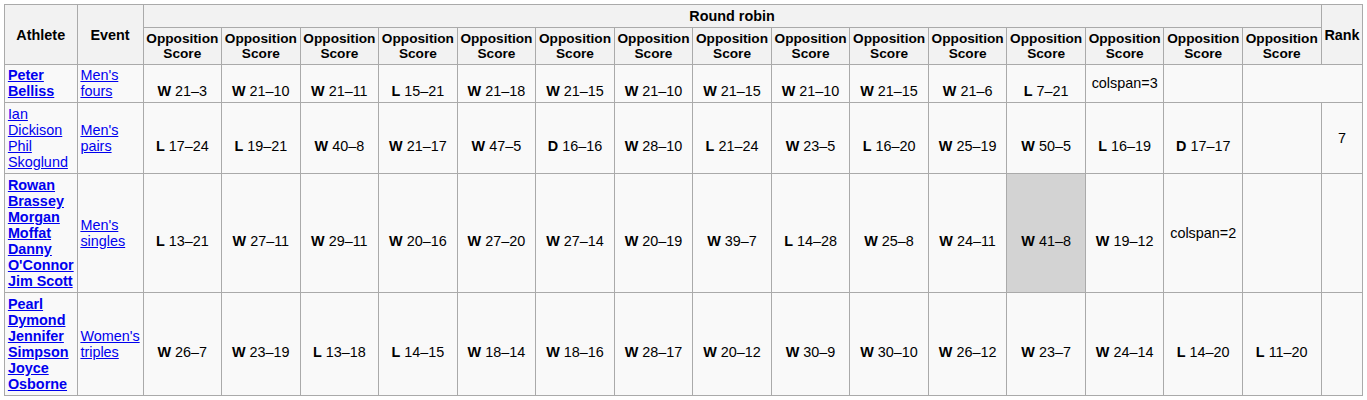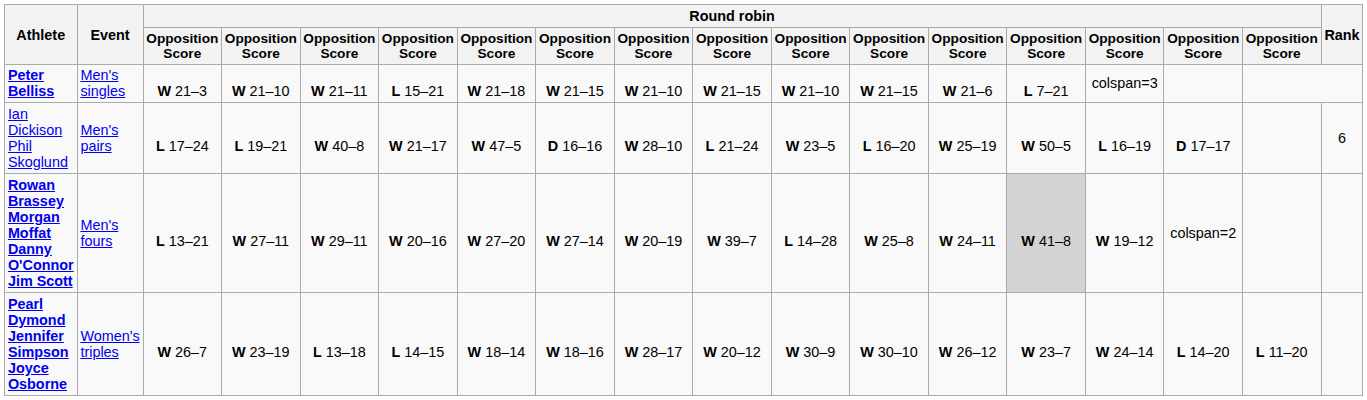 <table class=wikitable style="font-size:90%;text-align:center">
 <tr>
 <th rowspan="2">Athlete</th>
 <th rowspan="2">Event</th>
 <th colspan=15>Round robin</th>
 <th rowspan=2>Rank</th>
 </tr>
 <tr style="font-size:95%">
 <th>Opposition<br>Score</th>
 <th>Opposition<br>Score</th>
 <th>Opposition<br>Score</th>
 <th>Opposition<br>Score</th>
 <th>Opposition<br>Score</th>
 <th>Opposition<br>Score</th>
 <th>Opposition<br>Score</th>
 <th>Opposition<br>Score</th>
 <th>Opposition<br>Score</th>
 <th>Opposition<br>Score</th>
 <th>Opposition<br>Score</th>
 <th>Opposition<br>Score</th>
 <th>Opposition<br>Score</th>
 <th>Opposition<br>Score</th>
 <th>Opposition<br>Score</th>
 </tr>
 <tr>
 <td style="text-align:left;"><strong><a href='#'>Peter Belliss</a></strong></td>
-<td style="text-align:left;"><a href='#'>Men's fours</a></td>
+<td style="text-align:left;"><a href='#'>Men's singles</a></td>
 <td><br><strong>W</strong> 21–3</td>
 <td><br><strong>W</strong> 21–10</td>
 <td><br><strong>W</strong> 21–11</td>
 <td><br><strong>L</strong> 15–21</td>
 <td><br><strong>W</strong> 21–18</td>
 <td><br><strong>W</strong> 21–15</td>
 <td><br><strong>W</strong> 21–10</td>
 <td><br><strong>W</strong> 21–15</td>
 <td><br><strong>W</strong> 21–10</td>
 <td><br><strong>W</strong> 21–15</td>
 <td><br><strong>W</strong> 21–6</td>
 <td><br><strong>L</strong> 7–21</td>
 <td>colspan=3 </td>
 <td></td>
 </tr>
 <tr>
 <td style="text-align:left;"><a href='#'>Ian Dickison</a><br><a href='#'>Phil Skoglund</a></td>
 <td style="text-align:left;"><a href='#'>Men's pairs</a></td>
 <td><br><strong>L</strong> 17–24</td>
 <td><br><strong>L</strong> 19–21</td>
 <td><br><strong>W</strong> 40–8</td>
 <td><br><strong>W</strong> 21–17</td>
 <td><br><strong>W</strong> 47–5</td>
 <td><br><strong>D</strong> 16–16</td>
 <td><br><strong>W</strong> 28–10</td>
 <td><br><strong>L</strong> 21–24</td>
 <td><br><strong>W</strong> 23–5</td>
 <td><br><strong>L</strong> 16–20</td>
 <td><br><strong>W</strong> 25–19</td>
 <td><br><strong>W</strong> 50–5</td>
 <td><br><strong>L</strong> 16–19</td>
 <td><br><strong>D</strong> 17–17</td>
 <td></td>
-<td>7</td>
+<td>6</td>
 </tr>
 <tr>
 <td style="text-align:left;"><strong><a href='#'>Rowan Brassey</a><br><a href='#'>Morgan Moffat</a><br><a href='#'>Danny O'Connor</a><br><a href='#'>Jim Scott</a></strong></td>
-<td style="text-align:left;"><a href='#'>Men's singles</a></td>
+<td style="text-align:left;"><a href='#'>Men's fours</a></td>
 <td><br><strong>L</strong> 13–21</td>
 <td><br><strong>W</strong> 27–11</td>
 <td><br><strong>W</strong> 29–11</td>
 <td><br><strong>W</strong> 20–16</td>
 <td><br><strong>W</strong> 27–20</td>
 <td><br><strong>W</strong> 27–14</td>
 <td><br><strong>W</strong> 20–19</td>
 <td><br><strong>W</strong> 39–7</td>
 <td><br><strong>L</strong> 14–28</td>
 <td><br><strong>W</strong> 25–8</td>
 <td><br><strong>W</strong> 24–11</td>
 <td style="background: lightgrey;"><br><strong>W</strong> 41–8</td>
 <td><br><strong>W</strong> 19–12</td>
 <td>colspan=2 </td>
 <td></td>
 </tr>
 <tr>
 <td style="text-align:left;"><strong><a href='#'>Pearl Dymond</a><br><a href='#'>Jennifer Simpson</a><br><a href='#'>Joyce Osborne</a></strong></td>
 <td style="text-align:left;"><a href='#'>Women's triples</a></td>
 <td><br><strong>W</strong> 26–7</td>
 <td><br><strong>W</strong> 23–19</td>
 <td><br><strong>L</strong> 13–18</td>
 <td><br><strong>L</strong> 14–15</td>
 <td><br><strong>W</strong> 18–14</td>
 <td><br><strong>W</strong> 18–16</td>
 <td><br><strong>W</strong> 28–17</td>
 <td><br><strong>W</strong> 20–12</td>
 <td><br><strong>W</strong> 30–9</td>
 <td><br><strong>W</strong> 30–10</td>
 <td><br><strong>W</strong> 26–12</td>
 <td><br><strong>W</strong> 23–7</td>
 <td><br><strong>W</strong> 24–14</td>
 <td><br><strong>L</strong> 14–20</td>
 <td><br><strong>L</strong> 11–20</td>
 <td></td>
 </tr>
 </table>
